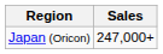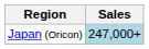 <table class="wikitable" style="text-align:center;">
 <tr>
 <th>Region</th>
 <th>Sales</th>
 </tr>
 <tr>
 <td align="left"><a href='#'>Japan</a><small> (Oricon)</small></td>
-<td>247,000+</td>
+<td style="background: lightblue;">247,000+</td>
 </tr>
 </table>
